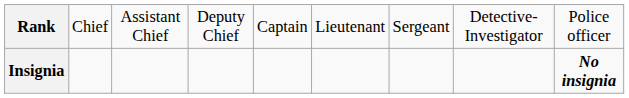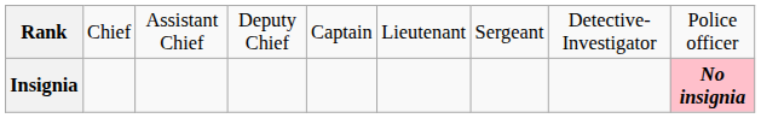 <table class="wikitable">
 <tr style="text-align:center;">
 <th>Rank</th>
 <td>Chief</td>
 <td>Assistant Chief</td>
 <td>Deputy Chief</td>
 <td>Captain</td>
 <td>Lieutenant</td>
 <td>Sergeant</td>
 <td>Detective-Investigator</td>
 <td>Police officer</td>
 </tr>
 <tr style="text-align:center;">
 <th>Insignia</th>
 <td></td>
 <td></td>
 <td></td>
 <td></td>
 <td></td>
 <td></td>
 <td></td>
-<td><strong><em>No insignia</em></strong></td>
+<td style="background: pink;"><strong><em>No insignia</em></strong></td>
 </tr>
 </table>
